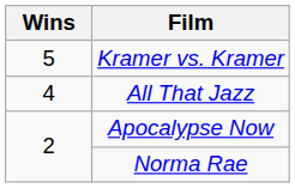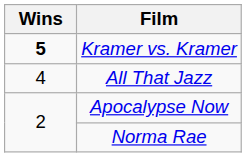 <table class="wikitable plainrowheaders" style="text-align: center;">
 <tr>
 <th scope="col" style="width:55px;">Wins</th>
 <th scope="col" style="text-align:center;">Film</th>
 </tr>
 <tr>
-<td scope="row" style="text-align:center">5</td>
+<td scope="row" style="text-align:center"><strong>5</strong></td>
 <td><em><a href='#'>Kramer vs. Kramer</a></em></td>
 </tr>
 <tr>
 <td scope="row" style="text-align:center">4</td>
 <td><em><a href='#'>All That Jazz</a></em></td>
 </tr>
 <tr>
 <td rowspan="2" scope="row" style="text-align:center">2</td>
 <td><em><a href='#'>Apocalypse Now</a></em></td>
 </tr>
 <tr>
 <td><em><a href='#'>Norma Rae</a></em></td>
 </tr>
 </table>
